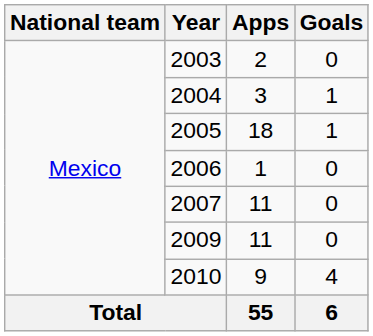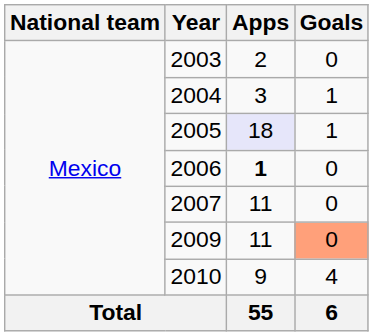 <table class="wikitable" style="text-align: center;">
 <tr>
 <th>National team</th>
 <th>Year</th>
 <th>Apps</th>
 <th>Goals</th>
 </tr>
 <tr>
 <td rowspan="7" valign="center"><a href='#'>Mexico</a></td>
 <td>2003</td>
 <td>2</td>
 <td>0</td>
 </tr>
 <tr>
 <td>2004</td>
 <td>3</td>
 <td>1</td>
 </tr>
 <tr>
 <td>2005</td>
-<td>18</td>
+<td style="background: lavender;">18</td>
 <td>1</td>
 </tr>
 <tr>
 <td>2006</td>
-<td>1</td>
+<td><strong>1</strong></td>
 <td>0</td>
 </tr>
 <tr>
 <td>2007</td>
 <td>11</td>
 <td>0</td>
 </tr>
 <tr>
 <td>2009</td>
 <td>11</td>
-<td>0</td>
+<td style="background: lightsalmon;">0</td>
 </tr>
 <tr>
 <td>2010</td>
 <td>9</td>
 <td>4</td>
 </tr>
 <tr>
 <th colspan="2">Total</th>
 <th>55</th>
 <th>6</th>
 </tr>
 </table>
